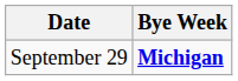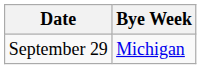 <table class="wikitable" style="font-size:95%;">
 <tr>
 <th>Date</th>
 <th>Bye Week</th>
 </tr>
 <tr>
 <td>September 29</td>
-<td><strong><a href='#'>Michigan</a></strong></td>
+<td><a href='#'>Michigan</a></td>
 </tr>
 </table>
